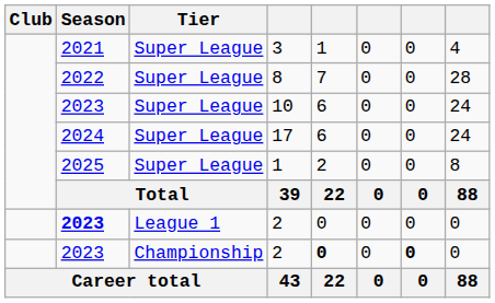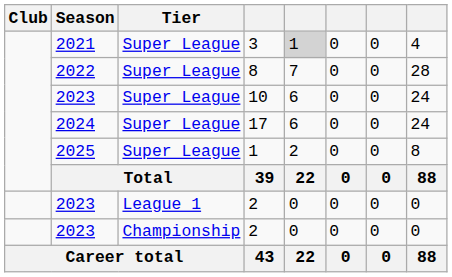 <table class="wikitable defaultcenter">
 <tr>
 <th>Club</th>
 <th>Season</th>
 <th>Tier</th>
 <th style="width:2em;"></th>
 <th style="width:2em;"></th>
 <th style="width:2em;"></th>
 <th style="width:2em;"></th>
 <th style="width:2em;"></th>
 </tr>
 <tr>
 <td rowspan="6" style="text-align:left;"></td>
 <td><a href='#'>2021</a></td>
 <td><a href='#'>Super League</a></td>
 <td>3</td>
-<td>1</td>
+<td style="background: lightgrey;">1</td>
 <td>0</td>
 <td>0</td>
 <td>4</td>
 </tr>
 <tr>
 <td><a href='#'>2022</a></td>
 <td><a href='#'>Super League</a></td>
 <td>8</td>
 <td>7</td>
 <td>0</td>
 <td>0</td>
 <td>28</td>
 </tr>
 <tr>
 <td><a href='#'>2023</a></td>
 <td><a href='#'>Super League</a></td>
 <td>10</td>
 <td>6</td>
 <td>0</td>
 <td>0</td>
 <td>24</td>
 </tr>
 <tr>
 <td><a href='#'>2024</a></td>
 <td><a href='#'>Super League</a></td>
 <td>17</td>
 <td>6</td>
 <td>0</td>
 <td>0</td>
 <td>24</td>
 </tr>
 <tr>
 <td><a href='#'>2025</a></td>
 <td><a href='#'>Super League</a></td>
 <td>1</td>
 <td>2</td>
 <td>0</td>
 <td>0</td>
 <td>8</td>
 </tr>
 <tr>
 <th colspan="2">Total</th>
 <th>39</th>
 <th>22</th>
 <th>0</th>
 <th>0</th>
 <th>88</th>
 </tr>
 <tr>
 <td style="text-align:left;"></td>
-<td><strong><a href='#'>2023</a></strong></td>
+<td><a href='#'>2023</a></td>
 <td><a href='#'>League 1</a></td>
 <td>2</td>
 <td>0</td>
 <td>0</td>
 <td>0</td>
 <td>0</td>
 </tr>
 <tr>
 <td style="text-align:left;"></td>
 <td><a href='#'>2023</a></td>
 <td><a href='#'>Championship</a></td>
 <td>2</td>
-<td><strong>0</strong></td>
 <td>0</td>
-<td><strong>0</strong></td>
+<td>0</td>
+<td>0</td>
 <td>0</td>
 </tr>
 <tr>
 <th colspan="3">Career total</th>
 <th>43</th>
 <th>22</th>
 <th>0</th>
 <th>0</th>
 <th>88</th>
 </tr>
 </table>
